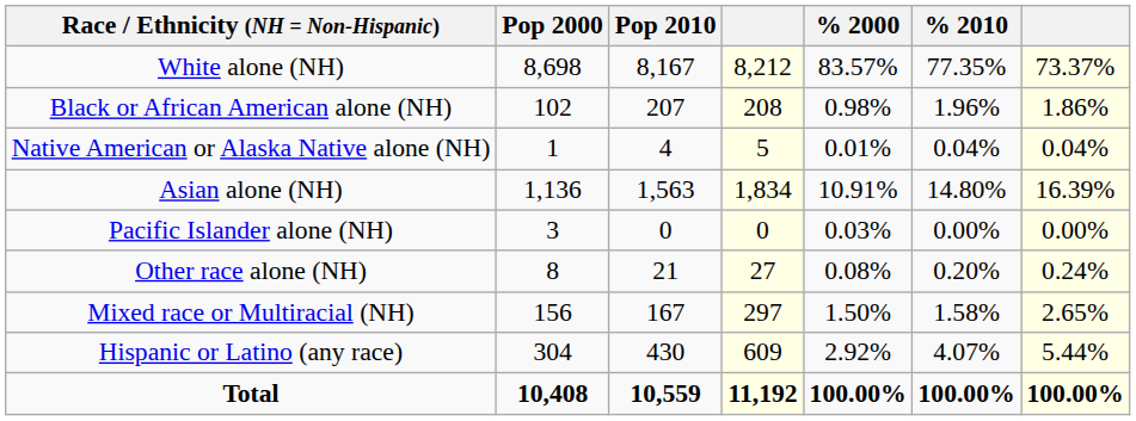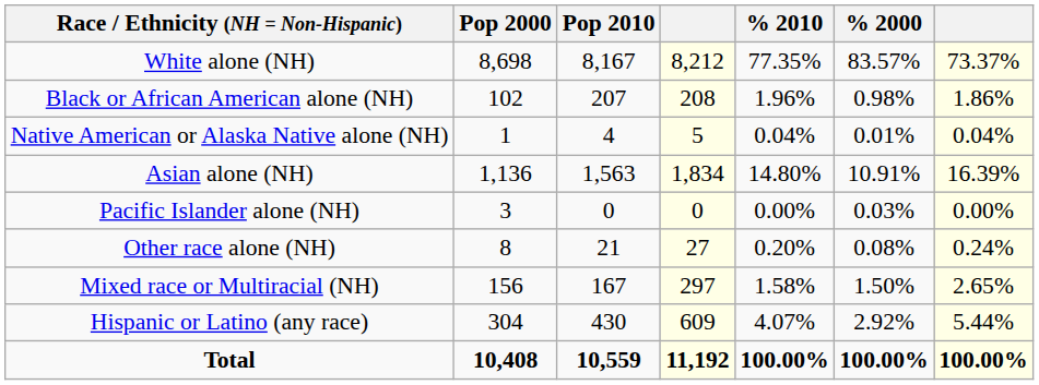 <table class="wikitable" style="text-align:center;">
 <tr>
 <th>Race / Ethnicity <small>(<em>NH = Non-Hispanic</em>)</small></th>
 <th>Pop 2000</th>
 <th>Pop 2010</th>
 <th></th>
+<th>% 2010</th>
 <th>% 2000</th>
-<th>% 2010</th>
 <th></th>
 </tr>
 <tr>
 <td><a href='#'>White</a> alone (NH)</td>
 <td>8,698</td>
 <td>8,167</td>
 <td style='background: #ffffe6;'>8,212</td>
+<td>77.35%</td>
 <td>83.57%</td>
-<td>77.35%</td>
 <td style='background: #ffffe6;'>73.37%</td>
 </tr>
 <tr>
 <td><a href='#'>Black or African American</a> alone (NH)</td>
 <td>102</td>
 <td>207</td>
 <td style='background: #ffffe6;'>208</td>
+<td>1.96%</td>
 <td>0.98%</td>
-<td>1.96%</td>
 <td style='background: #ffffe6;'>1.86%</td>
 </tr>
 <tr>
 <td><a href='#'>Native American</a> or <a href='#'>Alaska Native</a> alone (NH)</td>
 <td>1</td>
 <td>4</td>
 <td style='background: #ffffe6;'>5</td>
+<td>0.04%</td>
 <td>0.01%</td>
-<td>0.04%</td>
 <td style='background: #ffffe6;'>0.04%</td>
 </tr>
 <tr>
 <td><a href='#'>Asian</a> alone (NH)</td>
 <td>1,136</td>
 <td>1,563</td>
 <td style='background: #ffffe6;'>1,834</td>
+<td>14.80%</td>
 <td>10.91%</td>
-<td>14.80%</td>
 <td style='background: #ffffe6;'>16.39%</td>
 </tr>
 <tr>
 <td><a href='#'>Pacific Islander</a> alone (NH)</td>
 <td>3</td>
 <td>0</td>
 <td style='background: #ffffe6;'>0</td>
+<td>0.00%</td>
 <td>0.03%</td>
-<td>0.00%</td>
 <td style='background: #ffffe6;'>0.00%</td>
 </tr>
 <tr>
 <td><a href='#'>Other race</a> alone (NH)</td>
 <td>8</td>
 <td>21</td>
 <td style='background: #ffffe6;'>27</td>
+<td>0.20%</td>
 <td>0.08%</td>
-<td>0.20%</td>
 <td style='background: #ffffe6;'>0.24%</td>
 </tr>
 <tr>
 <td><a href='#'>Mixed race or Multiracial</a> (NH)</td>
 <td>156</td>
 <td>167</td>
 <td style='background: #ffffe6;'>297</td>
+<td>1.58%</td>
 <td>1.50%</td>
-<td>1.58%</td>
 <td style='background: #ffffe6;'>2.65%</td>
 </tr>
 <tr>
 <td><a href='#'>Hispanic or Latino</a> (any race)</td>
 <td>304</td>
 <td>430</td>
 <td style='background: #ffffe6;'>609</td>
+<td>4.07%</td>
 <td>2.92%</td>
-<td>4.07%</td>
 <td style='background: #ffffe6;'>5.44%</td>
 </tr>
 <tr>
 <td><strong>Total</strong></td>
 <td><strong>10,408</strong></td>
 <td><strong>10,559</strong></td>
 <td style='background: #ffffe6;'><strong>11,192</strong></td>
 <td><strong>100.00%</strong></td>
 <td><strong>100.00%</strong></td>
 <td style='background: #ffffe6;'><strong>100.00%</strong></td>
 </tr>
 </table>
